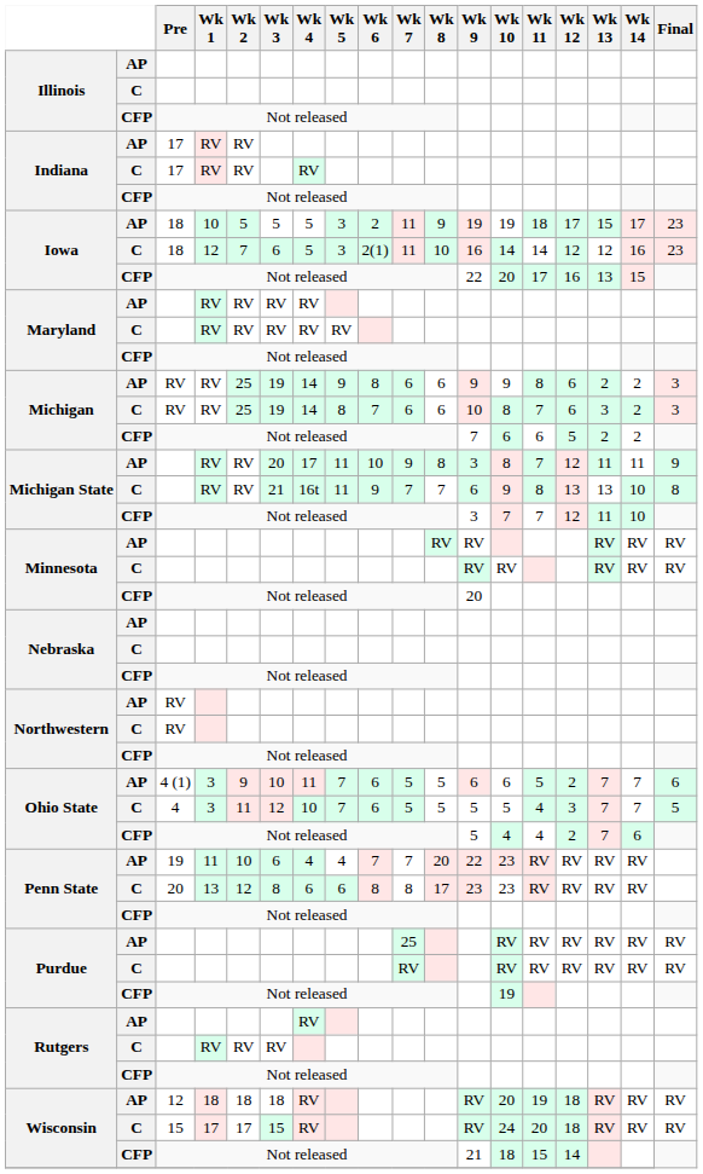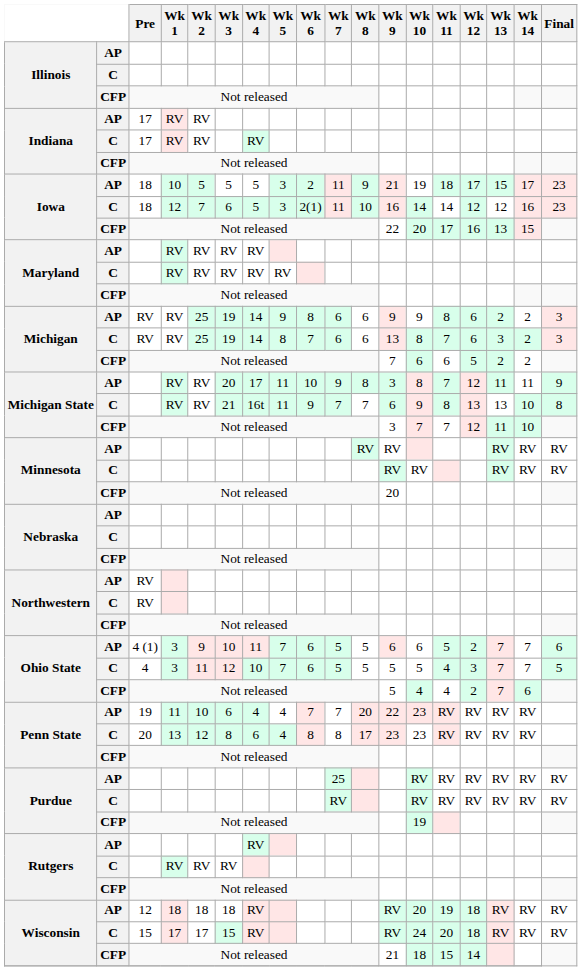 <table class="wikitable" style="white-space:nowrap;font-size:85%;">
 <tr>
 <th colspan=2 style="background:white; border-top-style:hidden; border-left-style:hidden;"> </th>
 <th>Pre</th>
 <th>Wk<br>1</th>
 <th>Wk<br>2</th>
 <th>Wk<br>3</th>
 <th>Wk<br>4</th>
 <th>Wk<br>5</th>
 <th>Wk<br>6</th>
 <th>Wk<br>7</th>
 <th>Wk<br>8</th>
 <th>Wk<br>9</th>
 <th>Wk<br>10</th>
 <th>Wk<br>11</th>
 <th>Wk<br>12</th>
 <th>Wk<br>13</th>
 <th>Wk<br>14</th>
 <th>Final</th>
 </tr>
 <tr style="text-align:center;">
 <th rowspan="3">Illinois</th>
 <th>AP</th>
 <td style="background:#FFF;"></td>
 <td style="background:#FFF;"></td>
 <td style="background:#FFF;"></td>
 <td style="background:#FFF;"></td>
 <td style="background:#FFF;"></td>
 <td style="background:#FFF;"></td>
 <td style="background:#FFF;"></td>
 <td style="background:#FFF;"></td>
 <td style="background:#FFF;"></td>
 <td style="background:#FFF;"></td>
 <td style="background:#FFF;"></td>
 <td style="background:#FFF;"></td>
 <td style="background:#FFF;"></td>
 <td style="background:#FFF;"></td>
 <td style="background:#FFF;"></td>
 <td style="background:#FFF;"></td>
 </tr>
 <tr style="text-align:center;">
 <th>C</th>
 <td style="background:#FFF;"></td>
 <td style="background:#FFF;"></td>
 <td style="background:#FFF;"></td>
 <td style="background:#FFF;"></td>
 <td style="background:#FFF;"></td>
 <td style="background:#FFF;"></td>
 <td style="background:#FFF;"></td>
 <td style="background:#FFF;"></td>
 <td style="background:#FFF;"></td>
 <td style="background:#FFF;"></td>
 <td style="background:#FFF;"></td>
 <td style="background:#FFF;"></td>
 <td style="background:#FFF;"></td>
 <td style="background:#FFF;"></td>
 <td style="background:#FFF;"></td>
 <td style="background:#FFF;"></td>
 </tr>
 <tr style="text-align:center;">
 <th>CFP</th>
 <td colspan="9" style="text-align:center;">Not released</td>
 <td style="background:#FFF;"></td>
 <td style="background:#FFF;"></td>
 <td style="background:#FFF;"></td>
 <td style="background:#FFF;"></td>
 <td style="background:#FFF;"></td>
 <td style="text-align:center;"></td>
 </tr>
 <tr style="text-align:center;">
 <th rowspan="3">Indiana</th>
 <th>AP</th>
 <td style="background:#FFF;">17</td>
 <td style="background:#ffe6e6;">RV</td>
 <td style="background:#FFF;">RV</td>
 <td style="background:#FFF;"></td>
 <td style="background:#FFF;"></td>
 <td style="background:#FFF;"></td>
 <td style="background:#FFF;"></td>
 <td style="background:#FFF;"></td>
 <td style="background:#FFF;"></td>
 <td style="background:#FFF;"></td>
 <td style="background:#FFF;"></td>
 <td style="background:#FFF;"></td>
 <td style="background:#FFF;"></td>
 <td style="background:#FFF;"></td>
 <td style="background:#FFF;"></td>
 <td style="background:#FFF;"></td>
 </tr>
 <tr style="text-align:center;">
 <th>C</th>
 <td style="background:#FFF;">17</td>
 <td style="background:#ffe6e6;">RV</td>
 <td style="background:#FFF;">RV</td>
 <td style="background:#FFF;"></td>
 <td style="background:#d8ffeb;">RV</td>
 <td style="background:#FFF;"></td>
 <td style="background:#FFF;"></td>
 <td style="background:#FFF;"></td>
 <td style="background:#FFF;"></td>
 <td style="background:#FFF;"></td>
 <td style="background:#FFF;"></td>
 <td style="background:#FFF;"></td>
 <td style="background:#FFF;"></td>
 <td style="background:#FFF;"></td>
 <td style="background:#FFF;"></td>
 <td style="background:#FFF;"></td>
 </tr>
 <tr style="text-align:center;">
 <th>CFP</th>
 <td colspan="9" style="text-align:center;">Not released</td>
 <td style="background:#FFF;"></td>
 <td style="background:#FFF;"></td>
 <td style="background:#FFF;"></td>
 <td style="background:#FFF;"></td>
 <td style="background:#FFF;"></td>
 <td style="text-align:center;"></td>
 </tr>
 <tr style="text-align:center;">
 <th rowspan="3">Iowa</th>
 <th>AP</th>
 <td style="background:#FFF;">18</td>
 <td style="background:#d8ffeb;">10</td>
 <td style="background:#d8ffeb;">5</td>
 <td style="background:#FFF;">5</td>
 <td style="background:#FFF;">5</td>
 <td style="background:#d8ffeb;">3</td>
 <td style="background:#d8ffeb;">2</td>
 <td style="background:#ffe6e6;">11</td>
 <td style="background:#d8ffeb;">9</td>
-<td style="background:#ffe6e6;">19</td>
+<td style="background:#ffe6e6;">21</td>
 <td style="background:#FFF;">19</td>
 <td style="background:#d8ffeb;">18</td>
 <td style="background:#d8ffeb;">17</td>
 <td style="background:#d8ffeb;">15</td>
 <td style="background:#ffe6e6;">17</td>
 <td style="background:#ffe6e6;">23</td>
 </tr>
 <tr style="text-align:center;">
 <th>C</th>
 <td style="background:#FFF;">18</td>
 <td style="background:#d8ffeb;">12</td>
 <td style="background:#d8ffeb;">7</td>
 <td style="background:#d8ffeb;">6</td>
 <td style="background:#d8ffeb;">5</td>
 <td style="background:#d8ffeb;">3</td>
 <td style="background:#d8ffeb;">2(1)</td>
 <td style="background:#ffe6e6;">11</td>
 <td style="background:#d8ffeb;">10</td>
 <td style="background:#ffe6e6;">16</td>
 <td style="background:#d8ffeb;">14</td>
 <td style="background:#FFF;">14</td>
 <td style="background:#d8ffeb;">12</td>
 <td style="background:#FFF;">12</td>
 <td style="background:#ffe6e6;">16</td>
 <td style="background:#ffe6e6;">23</td>
 </tr>
 <tr style="text-align:center;">
 <th>CFP</th>
 <td colspan="9" style="text-align:center;">Not released</td>
 <td style="background:#FFF;">22</td>
 <td style="background:#d8ffeb;">20</td>
 <td style="background:#d8ffeb;">17</td>
 <td style="background:#d8ffeb;">16</td>
 <td style="background:#d8ffeb;">13</td>
 <td style="background:#ffe6e6;">15</td>
 </tr>
 <tr style="text-align:center;">
 <th rowspan="3">Maryland</th>
 <th>AP</th>
 <td style="background:#FFF;"></td>
 <td style="background:#d8ffeb;">RV</td>
 <td style="background:#FFF;">RV</td>
 <td style="background:#FFF;">RV</td>
 <td style="background:#FFF;">RV</td>
 <td style="background:#ffe6e6;"></td>
 <td style="background:#FFF;"></td>
 <td style="background:#FFF;"></td>
 <td style="background:#FFF;"></td>
 <td style="background:#FFF;"></td>
 <td style="background:#FFF;"></td>
 <td style="background:#FFF;"></td>
 <td style="background:#FFF;"></td>
 <td style="background:#FFF;"></td>
 <td style="background:#FFF;"></td>
 <td style="background:#FFF;"></td>
 </tr>
 <tr style="text-align:center;">
 <th>C</th>
 <td style="background:#FFF;"></td>
 <td style="background:#d8ffeb;">RV</td>
 <td style="background:#FFF;">RV</td>
 <td style="background:#FFF;">RV</td>
 <td style="background:#FFF;">RV</td>
 <td style="background:#FFF;">RV</td>
 <td style="background:#ffe6e6;"></td>
 <td style="background:#FFF;"></td>
 <td style="background:#FFF;"></td>
 <td style="background:#FFF;"></td>
 <td style="background:#FFF;"></td>
 <td style="background:#FFF;"></td>
 <td style="background:#FFF;"></td>
 <td style="background:#FFF;"></td>
 <td style="background:#FFF;"></td>
 <td style="background:#FFF;"></td>
 </tr>
 <tr style="text-align:center;">
 <th>CFP</th>
 <td colspan="9" style="text-align:center;">Not released</td>
 <td style="background:#FFF;"></td>
 <td style="background:#FFF;"></td>
 <td style="background:#FFF;"></td>
 <td style="background:#FFF;"></td>
 <td style="background:#FFF;"></td>
 <td style="text-align:center;"></td>
 </tr>
 <tr style="text-align:center;">
 <th rowspan="3">Michigan</th>
 <th>AP</th>
 <td style="background:#FFF;">RV</td>
 <td style="background:#FFF;">RV</td>
 <td style="background:#d8ffeb;">25</td>
 <td style="background:#d8ffeb;">19</td>
 <td style="background:#d8ffeb;">14</td>
 <td style="background:#d8ffeb;">9</td>
 <td style="background:#d8ffeb;">8</td>
 <td style="background:#d8ffeb;">6</td>
 <td style="background:#FFF;">6</td>
 <td style="background:#ffe6e6;">9</td>
 <td style="background:#FFF;">9</td>
 <td style="background:#d8ffeb;">8</td>
 <td style="background:#d8ffeb;">6</td>
 <td style="background:#d8ffeb;">2</td>
 <td style="background:#FFF;">2</td>
 <td style="background:#ffe6e6;">3</td>
 </tr>
 <tr style="text-align:center;">
 <th>C</th>
 <td style="background:#FFF;">RV</td>
 <td style="background:#FFF;">RV</td>
 <td style="background:#d8ffeb;">25</td>
 <td style="background:#d8ffeb;">19</td>
 <td style="background:#d8ffeb;">14</td>
 <td style="background:#d8ffeb;">8</td>
 <td style="background:#d8ffeb;">7</td>
 <td style="background:#d8ffeb;">6</td>
 <td style="background:#FFF;">6</td>
-<td style="background:#ffe6e6;">10</td>
+<td style="background:#ffe6e6;">13</td>
 <td style="background:#d8ffeb;">8</td>
 <td style="background:#d8ffeb;">7</td>
 <td style="background:#d8ffeb;">6</td>
 <td style="background:#d8ffeb;">3</td>
 <td style="background:#d8ffeb;">2</td>
 <td style="background:#ffe6e6;">3</td>
 </tr>
 <tr style="text-align:center;">
 <th>CFP</th>
 <td colspan="9" style="text-align:center;">Not released</td>
 <td style="background:#FFF;">7</td>
 <td style="background:#d8ffeb;">6</td>
 <td style="background:#FFF;">6</td>
 <td style="background:#d8ffeb;">5</td>
 <td style="background:#d8ffeb;">2</td>
 <td style="background:#FFF;">2</td>
 </tr>
 <tr style="text-align:center;">
 <th rowspan="3">Michigan State</th>
 <th>AP</th>
 <td style="background:#FFF;"></td>
 <td style="background:#d8ffeb;">RV</td>
 <td style="background:#FFF;">RV</td>
 <td style="background:#d8ffeb;">20</td>
 <td style="background:#d8ffeb;">17</td>
 <td style="background:#d8ffeb;">11</td>
 <td style="background:#d8ffeb;">10</td>
 <td style="background:#d8ffeb;">9</td>
 <td style="background:#d8ffeb;">8</td>
 <td style="background:#d8ffeb;">3</td>
 <td style="background:#ffe6e6;">8</td>
 <td style="background:#d8ffeb;">7</td>
 <td style="background:#ffe6e6;">12</td>
 <td style="background:#d8ffeb;">11</td>
 <td style="background:#FFF;">11</td>
 <td style="background:#d8ffeb;">9</td>
 </tr>
 <tr style="text-align:center;">
 <th>C</th>
 <td style="background:#FFF;"></td>
 <td style="background:#d8ffeb;">RV</td>
 <td style="background:#FFF;">RV</td>
 <td style="background:#d8ffeb;">21</td>
 <td style="background:#d8ffeb;">16t</td>
 <td style="background:#d8ffeb;">11</td>
 <td style="background:#d8ffeb;">9</td>
 <td style="background:#d8ffeb;">7</td>
 <td style="background:#FFF;">7</td>
 <td style="background:#d8ffeb;">6</td>
 <td style="background:#ffe6e6;">9</td>
 <td style="background:#d8ffeb;">8</td>
 <td style="background:#ffe6e6;">13</td>
 <td style="background:#FFF;">13</td>
 <td style="background:#d8ffeb;">10</td>
 <td style="background:#d8ffeb;">8</td>
 </tr>
 <tr style="text-align:center;">
 <th>CFP</th>
 <td colspan="9" style="text-align:center;">Not released</td>
 <td style="background:#FFF;">3</td>
 <td style="background:#ffe6e6;">7</td>
 <td style="background:#FFF;">7</td>
 <td style="background:#ffe6e6;">12</td>
 <td style="background:#d8ffeb;">11</td>
 <td style="background:#d8ffeb;">10</td>
 </tr>
 <tr style="text-align:center;">
 <th rowspan="3">Minnesota</th>
 <th>AP</th>
 <td style="background:#FFF;"></td>
 <td style="background:#FFF;"></td>
 <td style="background:#FFF;"></td>
 <td style="background:#FFF;"></td>
 <td style="background:#FFF;"></td>
 <td style="background:#FFF;"></td>
 <td style="background:#FFF;"></td>
 <td style="background:#FFF;"></td>
 <td style="background:#d8ffeb;">RV</td>
 <td style="background:#FFF;">RV</td>
 <td style="background:#ffe6e6;"></td>
 <td style="background:#FFF;"></td>
 <td style="background:#FFF;"></td>
 <td style="background:#d8ffeb;">RV</td>
 <td style="background:#FFF;">RV</td>
 <td style="background:#FFF;">RV</td>
 </tr>
 <tr style="text-align:center;">
 <th>C</th>
 <td style="background:#FFF;"></td>
 <td style="background:#FFF;"></td>
 <td style="background:#FFF;"></td>
 <td style="background:#FFF;"></td>
 <td style="background:#FFF;"></td>
 <td style="background:#FFF;"></td>
 <td style="background:#FFF;"></td>
 <td style="background:#FFF;"></td>
 <td style="background:#FFF;"></td>
 <td style="background:#d8ffeb;">RV</td>
 <td style="background:#FFF;">RV</td>
 <td style="background:#ffe6e6;"></td>
 <td style="background:#FFF;"></td>
 <td style="background:#d8ffeb;">RV</td>
 <td style="background:#FFF;">RV</td>
 <td style="background:#FFF;">RV</td>
 </tr>
 <tr style="text-align:center;">
 <th>CFP</th>
 <td colspan="9" style="text-align:center;">Not released</td>
 <td style="background:#FFF;">20</td>
 <td style="background:#FFF;"></td>
 <td style="background:#FFF;"></td>
 <td style="background:#FFF;"></td>
 <td style="background:#FFF;"></td>
 <td style="background:#FFF;"></td>
 </tr>
 <tr style="text-align:center;">
 <th rowspan="3">Nebraska</th>
 <th>AP</th>
 <td style="background:#FFF;"></td>
 <td style="background:#FFF;"></td>
 <td style="background:#FFF;"></td>
 <td style="background:#FFF;"></td>
 <td style="background:#FFF;"></td>
 <td style="background:#FFF;"></td>
 <td style="background:#FFF;"></td>
 <td style="background:#FFF;"></td>
 <td style="background:#FFF;"></td>
 <td style="background:#FFF;"></td>
 <td style="background:#FFF;"></td>
 <td style="background:#FFF;"></td>
 <td style="background:#FFF;"></td>
 <td style="background:#FFF;"></td>
 <td style="background:#FFF;"></td>
 <td style="background:#FFF;"></td>
 </tr>
 <tr style="text-align:center;">
 <th>C</th>
 <td style="background:#FFF;"></td>
 <td style="background:#FFF;"></td>
 <td style="background:#FFF;"></td>
 <td style="background:#FFF;"></td>
 <td style="background:#FFF;"></td>
 <td style="background:#FFF;"></td>
 <td style="background:#FFF;"></td>
 <td style="background:#FFF;"></td>
 <td style="background:#FFF;"></td>
 <td style="background:#FFF;"></td>
 <td style="background:#FFF;"></td>
 <td style="background:#FFF;"></td>
 <td style="background:#FFF;"></td>
 <td style="background:#FFF;"></td>
 <td style="background:#FFF;"></td>
 <td style="background:#FFF;"></td>
 </tr>
 <tr style="text-align:center;">
 <th>CFP</th>
 <td colspan="9" style="text-align:center;">Not released</td>
 <td style="background:#FFF;"></td>
 <td style="background:#FFF;"></td>
 <td style="background:#FFF;"></td>
 <td style="background:#FFF;"></td>
 <td style="background:#FFF;"></td>
 <td style="background:#FFF;"></td>
 </tr>
 <tr style="text-align:center;">
 <th rowspan="3">Northwestern</th>
 <th>AP</th>
 <td style="background:#FFF;">RV</td>
 <td style="background:#ffe6e6;"></td>
 <td style="background:#FFF;"></td>
 <td style="background:#FFF;"></td>
 <td style="background:#FFF;"></td>
 <td style="background:#FFF;"></td>
 <td style="background:#FFF;"></td>
 <td style="background:#FFF;"></td>
 <td style="background:#FFF;"></td>
 <td style="background:#FFF;"></td>
 <td style="background:#FFF;"></td>
 <td style="background:#FFF;"></td>
 <td style="background:#FFF;"></td>
 <td style="background:#FFF;"></td>
 <td style="background:#FFF;"></td>
 <td style="background:#FFF;"></td>
 </tr>
 <tr style="text-align:center;">
 <th>C</th>
 <td style="background:#FFF;">RV</td>
 <td style="background:#ffe6e6;"></td>
 <td style="background:#FFF;"></td>
 <td style="background:#FFF;"></td>
 <td style="background:#FFF;"></td>
 <td style="background:#FFF;"></td>
 <td style="background:#FFF;"></td>
 <td style="background:#FFF;"></td>
 <td style="background:#FFF;"></td>
 <td style="background:#FFF;"></td>
 <td style="background:#FFF;"></td>
 <td style="background:#FFF;"></td>
 <td style="background:#FFF;"></td>
 <td style="background:#FFF;"></td>
 <td style="background:#FFF;"></td>
 <td style="background:#FFF;"></td>
 </tr>
 <tr style="text-align:center;">
 <th>CFP</th>
 <td colspan="9" style="text-align:center;">Not released</td>
 <td style="background:#FFF;"></td>
 <td style="background:#FFF;"></td>
 <td style="background:#FFF;"></td>
 <td style="background:#FFF;"></td>
 <td style="background:#FFF;"></td>
 <td style="background:#FFF;"></td>
 </tr>
 <tr style="text-align:center;">
 <th rowspan="3">Ohio State</th>
 <th>AP</th>
 <td style="background:#FFF;">4 (1)</td>
 <td style="background:#d8ffeb;">3</td>
 <td style="background:#ffe6e6;">9</td>
 <td style="background:#ffe6e6;">10</td>
 <td style="background:#ffe6e6;">11</td>
 <td style="background:#d8ffeb;">7</td>
 <td style="background:#d8ffeb;">6</td>
 <td style="background:#d8ffeb;">5</td>
 <td style="background:#FFF;">5</td>
 <td style="background:#ffe6e6;">6</td>
 <td style="background:#FFF;">6</td>
 <td style="background:#d8ffeb;">5</td>
 <td style="background:#d8ffeb;">2</td>
 <td style="background:#ffe6e6;">7</td>
 <td style="background:#FFF;">7</td>
 <td style="background:#d8ffeb;">6</td>
 </tr>
 <tr style="text-align:center;">
 <th>C</th>
 <td style="background:#FFF;">4</td>
 <td style="background:#d8ffeb;">3</td>
 <td style="background:#ffe6e6;">11</td>
 <td style="background:#ffe6e6;">12</td>
 <td style="background:#d8ffeb;">10</td>
 <td style="background:#d8ffeb;">7</td>
 <td style="background:#d8ffeb;">6</td>
 <td style="background:#d8ffeb;">5</td>
 <td style="background:#FFF;">5</td>
 <td style="background:#FFF;">5</td>
 <td style="background:#FFF;">5</td>
 <td style="background:#d8ffeb;">4</td>
 <td style="background:#d8ffeb;">3</td>
 <td style="background:#ffe6e6;">7</td>
 <td style="background:#FFF;">7</td>
 <td style="background:#d8ffeb;">5</td>
 </tr>
 <tr style="text-align:center;">
 <th>CFP</th>
 <td colspan="9" style="text-align:center;">Not released</td>
 <td style="background:#FFF;">5</td>
 <td style="background:#d8ffeb;">4</td>
 <td style="background:#FFF;">4</td>
 <td style="background:#d8ffeb;">2</td>
 <td style="background:#ffe6e6;">7</td>
 <td style="background:#d8ffeb;">6</td>
 </tr>
 <tr style="text-align:center;">
 <th rowspan="3">Penn State</th>
 <th>AP</th>
 <td style="background:#FFF;">19</td>
 <td style="background:#d8ffeb;">11</td>
 <td style="background:#d8ffeb;">10</td>
 <td style="background:#d8ffeb;">6</td>
 <td style="background:#d8ffeb;">4</td>
 <td style="background:#FFF;">4</td>
 <td style="background:#ffe6e6;">7</td>
 <td style="background:#FFF;">7</td>
 <td style="background:#ffe6e6;">20</td>
 <td style="background:#ffe6e6;">22</td>
 <td style="background:#ffe6e6;">23</td>
 <td style="background:#ffe6e6;">RV</td>
 <td style="background:#FFF;">RV</td>
 <td style="background:#FFF;">RV</td>
 <td style="background:#FFF;">RV</td>
 <td style="background:#FFF;"></td>
 </tr>
 <tr style="text-align:center;">
 <th>C</th>
 <td style="background:#FFF;">20</td>
 <td style="background:#d8ffeb;">13</td>
 <td style="background:#d8ffeb;">12</td>
 <td style="background:#d8ffeb;">8</td>
 <td style="background:#d8ffeb;">6</td>
-<td style="background:#d8ffeb;">6</td>
+<td style="background:#d8ffeb;">4</td>
 <td style="background:#ffe6e6;">8</td>
 <td style="background:#FFF;">8</td>
 <td style="background:#ffe6e6;">17</td>
 <td style="background:#ffe6e6;">23</td>
 <td style="background:#FFF;">23</td>
 <td style="background:#ffe6e6;">RV</td>
 <td style="background:#FFF;">RV</td>
 <td style="background:#FFF;">RV</td>
 <td style="background:#FFF;">RV</td>
 <td style="background:#FFF;"></td>
 </tr>
 <tr style="text-align:center;">
 <th>CFP</th>
 <td colspan="9" style="text-align:center;">Not released</td>
 <td style="background:#FFF;"></td>
 <td style="background:#FFF;"></td>
 <td style="background:#FFF;"></td>
 <td style="background:#FFF;"></td>
 <td style="background:#FFF;"></td>
 <td style="background:#FFF;"></td>
 </tr>
 <tr style="text-align:center;">
 <th rowspan="3">Purdue</th>
 <th>AP</th>
 <td style="background:#FFF;"></td>
 <td style="background:#FFF;"></td>
 <td style="background:#FFF;"></td>
 <td style="background:#FFF;"></td>
 <td style="background:#FFF;"></td>
 <td style="background:#FFF;"></td>
 <td style="background:#FFF;"></td>
 <td style="background:#d8ffeb;">25</td>
 <td style="background:#ffe6e6;"></td>
 <td style="background:#FFF;"></td>
 <td style="background:#d8ffeb;">RV</td>
 <td style="background:#FFF;">RV</td>
 <td style="background:#FFF;">RV</td>
 <td style="background:#FFF;">RV</td>
 <td style="background:#FFF;">RV</td>
 <td style="background:#FFF;">RV</td>
 </tr>
 <tr style="text-align:center;">
 <th>C</th>
 <td style="background:#FFF;"></td>
 <td style="background:#FFF;"></td>
 <td style="background:#FFF;"></td>
 <td style="background:#FFF;"></td>
 <td style="background:#FFF;"></td>
 <td style="background:#FFF;"></td>
 <td style="background:#FFF;"></td>
 <td style="background:#d8ffeb;">RV</td>
 <td style="background:#ffe6e6;"></td>
 <td style="background:#FFF;"></td>
 <td style="background:#d8ffeb;">RV</td>
 <td style="background:#FFF;">RV</td>
 <td style="background:#FFF;">RV</td>
 <td style="background:#FFF;">RV</td>
 <td style="background:#FFF;">RV</td>
 <td style="background:#FFF;">RV</td>
 </tr>
 <tr style="text-align:center;">
 <th>CFP</th>
 <td colspan="9" style="text-align:center;">Not released</td>
 <td style="background:#FFF;"></td>
 <td style="background:#d8ffeb;">19</td>
 <td style="background:#ffe6e6;"></td>
 <td style="background:#FFF;"></td>
 <td style="background:#FFF;"></td>
 <td style="background:#FFF;"></td>
 </tr>
 <tr style="text-align:center;">
 <th rowspan="3"><strong>Rutgers</strong></th>
 <th>AP</th>
 <td style="background:#FFF;"></td>
 <td style="background:#FFF;"></td>
 <td style="background:#FFF;"></td>
 <td style="background:#FFF;"></td>
 <td style="background:#d8ffeb;">RV</td>
 <td style="background:#ffe6e6;"></td>
 <td style="background:#FFF;"></td>
 <td style="background:#FFF;"></td>
 <td style="background:#FFF;"></td>
 <td style="background:#FFF;"></td>
 <td style="background:#FFF;"></td>
 <td style="background:#FFF;"></td>
 <td style="background:#FFF;"></td>
 <td style="background:#FFF;"></td>
 <td style="background:#FFF;"></td>
 <td style="background:#FFF;"></td>
 </tr>
 <tr style="text-align:center;">
 <th>C</th>
 <td style="background:#FFF;"></td>
 <td style="background:#d8ffeb;">RV</td>
 <td style="background:#FFF;">RV</td>
 <td style="background:#FFF;">RV</td>
 <td style="background:#ffe6e6;"></td>
 <td style="background:#FFF;"></td>
 <td style="background:#FFF;"></td>
 <td style="background:#FFF;"></td>
 <td style="background:#FFF;"></td>
 <td style="background:#FFF;"></td>
 <td style="background:#FFF;"></td>
 <td style="background:#FFF;"></td>
 <td style="background:#FFF;"></td>
 <td style="background:#FFF;"></td>
 <td style="background:#FFF;"></td>
 <td style="background:#FFF;"></td>
 </tr>
 <tr style="text-align:center;">
 <th>CFP</th>
 <td colspan="9" style="text-align:center;">Not released</td>
 <td style="background:#FFF;"></td>
 <td style="background:#FFF;"></td>
 <td style="background:#FFF;"></td>
 <td style="background:#FFF;"></td>
 <td style="background:#FFF;"></td>
 <td style="background:#FFF;"></td>
 </tr>
 <tr style="text-align:center;">
 <th rowspan="3">Wisconsin</th>
 <th>AP</th>
 <td style="background:#FFF;">12</td>
 <td style="background:#ffe6e6;">18</td>
 <td style="background:#FFF;">18</td>
 <td style="background:#FFF;">18</td>
 <td style="background:#ffe6e6;">RV</td>
 <td style="background:#ffe6e6;"></td>
 <td style="background:#FFF;"></td>
 <td style="background:#FFF;"></td>
 <td style="background:#FFF;"></td>
 <td style="background:#d8ffeb;">RV</td>
 <td style="background:#d8ffeb;">20</td>
 <td style="background:#d8ffeb;">19</td>
 <td style="background:#d8ffeb;">18</td>
 <td style="background:#ffe6e6;">RV</td>
 <td style="background:#FFF;">RV</td>
 <td style="background:#FFF;">RV</td>
 </tr>
 <tr style="text-align:center;">
 <th>C</th>
 <td style="background:#FFF;">15</td>
 <td style="background:#ffe6e6;">17</td>
 <td style="background:#FFF;">17</td>
 <td style="background:#d8ffeb;">15</td>
 <td style="background:#ffe6e6;">RV</td>
 <td style="background:#ffe6e6;"></td>
 <td style="background:#FFF;"></td>
 <td style="background:#FFF;"></td>
 <td style="background:#FFF;"></td>
 <td style="background:#d8ffeb;">RV</td>
 <td style="background:#d8ffeb;">24</td>
 <td style="background:#d8ffeb;">20</td>
 <td style="background:#d8ffeb;">18</td>
 <td style="background:#ffe6e6;">RV</td>
 <td style="background:#FFF;">RV</td>
 <td style="background:#FFF;">RV</td>
 </tr>
 <tr style="text-align:center;">
 <th>CFP</th>
 <td colspan="9" style="text-align:center;">Not released</td>
 <td style="background:#FFF;">21</td>
 <td style="background:#d8ffeb;">18</td>
 <td style="background:#d8ffeb;">15</td>
 <td style="background:#d8ffeb;">14</td>
 <td style="background:#ffe6e6;"></td>
 <td style="background:#FFF;"></td>
 </tr>
 <tr style="text-align:center;">
 </tr>
 </table>
